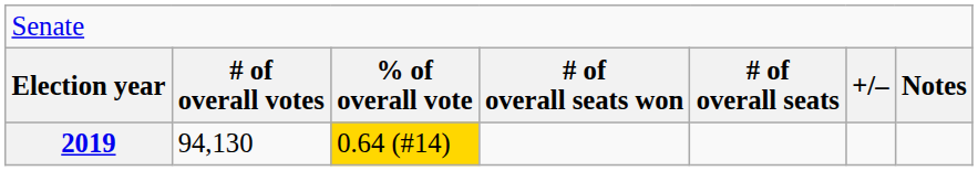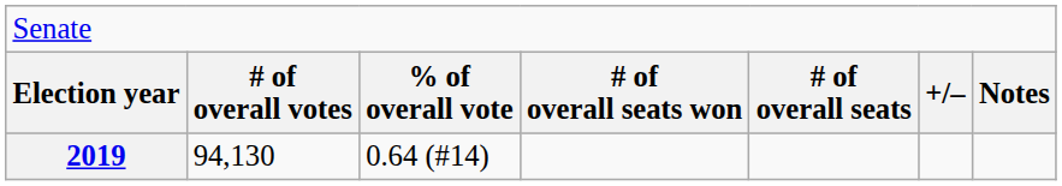 <table class=wikitable>
 <tr>
 <td colspan=7><a href='#'>Senate</a></td>
 </tr>
 <tr>
 <th>Election year</th>
 <th># of<br>overall votes</th>
 <th>% of<br>overall vote</th>
 <th># of<br>overall seats won</th>
 <th># of<br>overall seats</th>
 <th>+/–</th>
 <th>Notes</th>
 </tr>
 <tr>
 <th><a href='#'>2019</a></th>
 <td>94,130</td>
-<td style="background: gold;">0.64 (#14)</td>
+<td>0.64 (#14)</td>
 <td></td>
 <td></td>
 <td></td>
 <td></td>
 </tr>
 </table>
